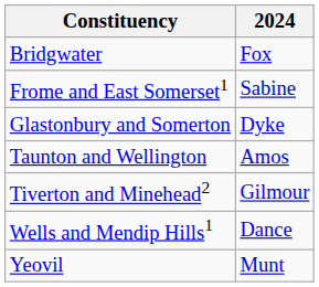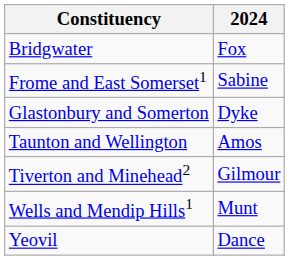 <table class="wikitable">
 <tr>
 <th>Constituency</th>
 <th>2024</th>
 </tr>
 <tr>
 <td><a href='#'>Bridgwater</a></td>
 <td><a href='#'>Fox</a></td>
 </tr>
 <tr>
 <td><a href='#'>Frome and East Somerset</a><sup>1</sup></td>
 <td><a href='#'>Sabine</a></td>
 </tr>
 <tr>
 <td><a href='#'>Glastonbury and Somerton</a></td>
 <td><a href='#'>Dyke</a></td>
 </tr>
 <tr>
 <td><a href='#'>Taunton and Wellington</a></td>
 <td><a href='#'>Amos</a></td>
 </tr>
 <tr>
 <td><a href='#'>Tiverton and Minehead</a><sup>2</sup></td>
 <td><a href='#'>Gilmour</a></td>
 </tr>
 <tr>
 <td><a href='#'>Wells and Mendip Hills</a><sup>1</sup></td>
-<td><a href='#'>Dance</a></td>
+<td><a href='#'>Munt</a></td>
 </tr>
 <tr>
 <td><a href='#'>Yeovil</a></td>
-<td><a href='#'>Munt</a></td>
+<td><a href='#'>Dance</a></td>
 </tr>
 </table>
